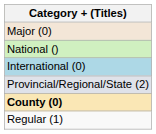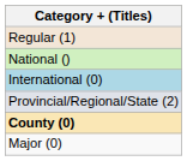 <table class="wikitable" style="display:inline-table;">
 <tr style="background:#ffc;">
 <th>Category + (Titles)</th>
 </tr>
 <tr style="background:#f3e6d7">
-<td>Major (0)</td>
+<td>Regular (1)</td>
 </tr>
 <tr style="background:#d0f0c0">
 <td>National ()</td>
 </tr>
 <tr style="background:#add8e6">
 <td>International (0)</td>
 </tr>
 <tr style="background:#dfe2e9">
 <td>Provincial/Regional/State (2)</td>
 </tr>
 <tr style="background:#fae7b5">
 <td><strong>County (0)</strong></td>
 </tr>
 <tr>
-<td>Regular (1)</td>
+<td>Major (0)</td>
 </tr>
 </table>
